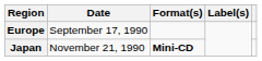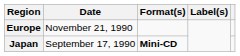 <table class="wikitable plainrowheaders">
 <tr>
 <th scope="col">Region</th>
 <th scope="col">Date</th>
 <th scope="col">Format(s)</th>
 <th scope="col">Label(s)</th>
 <th scope="col"></th>
 </tr>
 <tr>
 <th scope="row">Europe</th>
-<td>September 17, 1990</td>
+<td>November 21, 1990</td>
 <td></td>
 <td rowspan="2"></td>
 <td></td>
 </tr>
 <tr>
 <th scope="row">Japan</th>
-<td>November 21, 1990</td>
+<td>September 17, 1990</td>
 <td><strong>Mini-CD</strong></td>
 <td></td>
 </tr>
 </table>
